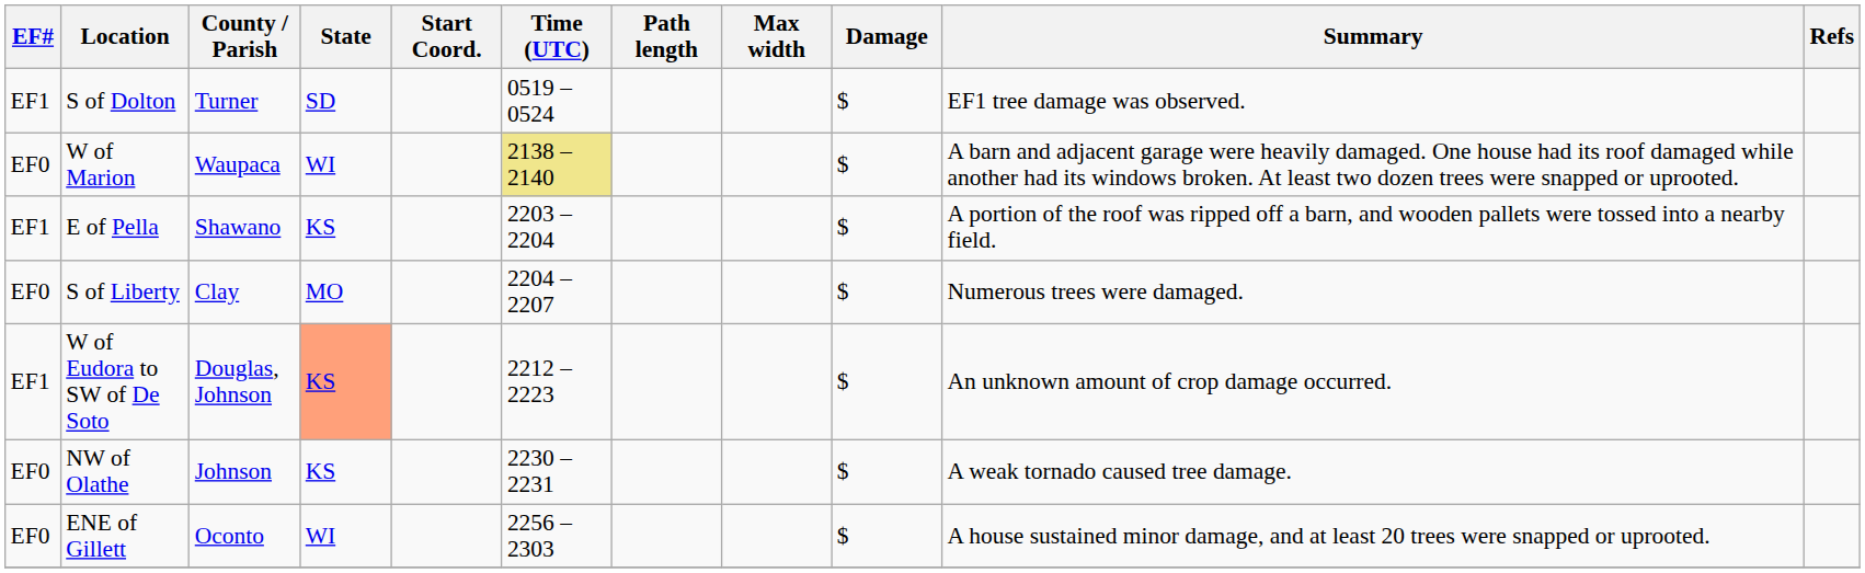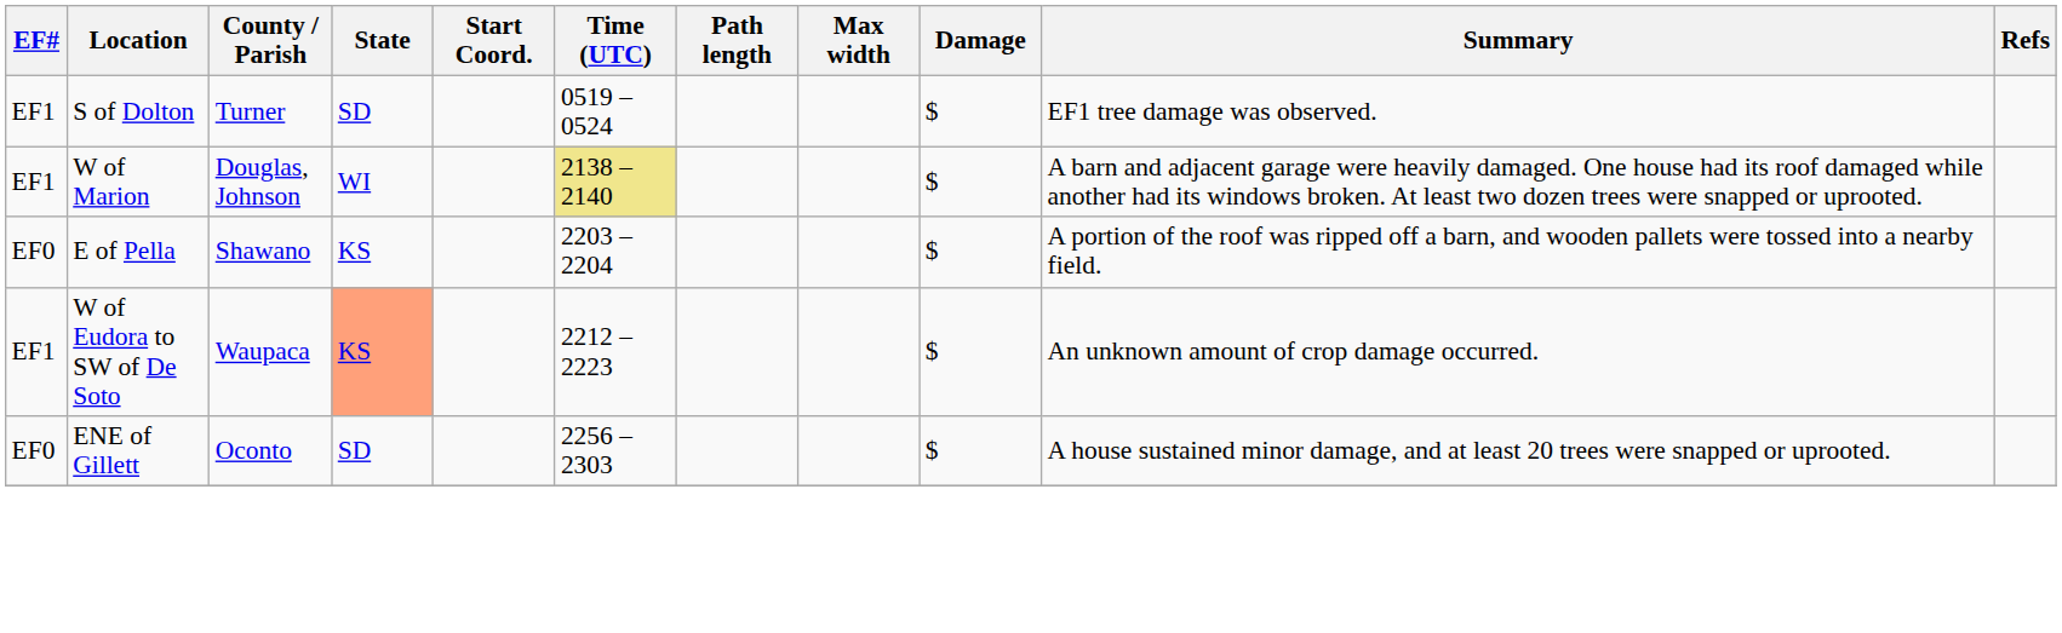 <table class="wikitable sortable" style="width:100%;">
 <tr>
 <th scope="col" width="3%" align="center"><a href='#'>EF#</a></th>
 <th scope="col" width="7%" align="center" class="unsortable">Location</th>
 <th scope="col" width="6%" align="center" class="unsortable">County / Parish</th>
 <th scope="col" width="5%" align="center">State</th>
 <th scope="col" width="6%" align="center">Start Coord.</th>
 <th scope="col" width="6%" align="center">Time (<a href='#'>UTC</a>)</th>
 <th scope="col" width="6%" align="center">Path length</th>
 <th scope="col" width="6%" align="center">Max width</th>
 <th scope="col" width="6%" align="center">Damage</th>
 <th scope="col" width="48%" class="unsortable" align="center">Summary</th>
 <th scope="col" width="48%" class="unsortable" align="center">Refs</th>
 </tr>
 <tr>
 <td>EF1</td>
 <td>S of <a href='#'>Dolton</a></td>
 <td><a href='#'>Turner</a></td>
 <td><a href='#'>SD</a></td>
 <td></td>
 <td>0519 – 0524</td>
 <td></td>
 <td></td>
 <td>$</td>
 <td>EF1 tree damage was observed.</td>
 <td></td>
 </tr>
 <tr>
-<td>EF0</td>
+<td>EF1</td>
 <td>W of <a href='#'>Marion</a></td>
-<td><a href='#'>Waupaca</a></td>
+<td><a href='#'>Douglas</a>, <a href='#'>Johnson</a></td>
 <td><a href='#'>WI</a></td>
 <td></td>
 <td style="background: khaki;">2138 – 2140</td>
 <td></td>
 <td></td>
 <td>$</td>
 <td>A barn and adjacent garage were heavily damaged. One house had its roof damaged while another had its windows broken. At least two dozen trees were snapped or uprooted.</td>
 <td></td>
 </tr>
 <tr>
-<td>EF1</td>
+<td>EF0</td>
 <td>E of <a href='#'>Pella</a></td>
 <td><a href='#'>Shawano</a></td>
 <td><a href='#'>KS</a></td>
 <td></td>
 <td>2203 – 2204</td>
 <td></td>
 <td></td>
 <td>$</td>
 <td>A portion of the roof was ripped off a barn, and wooden pallets were tossed into a nearby field.</td>
 <td></td>
 </tr>
 <tr>
-<td>EF0</td>
-<td>S of <a href='#'>Liberty</a></td>
-<td><a href='#'>Clay</a></td>
-<td><a href='#'>MO</a></td>
-<td></td>
-<td>2204 – 2207</td>
-<td></td>
-<td></td>
-<td>$</td>
-<td>Numerous trees were damaged.</td>
-<td></td>
-</tr>
-<tr>
 <td>EF1</td>
 <td>W of <a href='#'>Eudora</a> to SW of <a href='#'>De Soto</a></td>
-<td><a href='#'>Douglas</a>, <a href='#'>Johnson</a></td>
+<td><a href='#'>Waupaca</a></td>
 <td style="background: lightsalmon;"><a href='#'>KS</a></td>
 <td></td>
 <td>2212 – 2223</td>
 <td></td>
 <td></td>
 <td>$</td>
 <td>An unknown amount of crop damage occurred.</td>
 <td></td>
 </tr>
 <tr>
 <td>EF0</td>
-<td>NW of <a href='#'>Olathe</a></td>
-<td><a href='#'>Johnson</a></td>
-<td><a href='#'>KS</a></td>
-<td></td>
-<td>2230 – 2231</td>
-<td></td>
-<td></td>
-<td>$</td>
-<td>A weak tornado caused tree damage.</td>
-<td></td>
-</tr>
-<tr>
-<td>EF0</td>
 <td>ENE of <a href='#'>Gillett</a></td>
 <td><a href='#'>Oconto</a></td>
-<td><a href='#'>WI</a></td>
+<td><a href='#'>SD</a></td>
 <td></td>
 <td>2256 – 2303</td>
 <td></td>
 <td></td>
 <td>$</td>
 <td>A house sustained minor damage, and at least 20 trees were snapped or uprooted.</td>
 <td></td>
 </tr>
 <tr>
 </tr>
 </table>
